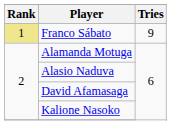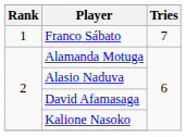 <table class="wikitable sortable">
 <tr>
 </tr>
 <tr>
 <th>Rank</th>
 <th>Player</th>
 <th>Tries</th>
 </tr>
 <tr>
-<td align=center style="background: khaki;">1</td>
+<td align=center>1</td>
 <td> <a href='#'>Franco Sábato</a></td>
-<td align=center>9</td>
+<td align=center>7</td>
 </tr>
 <tr>
 <td align=center rowspan=4>2</td>
 <td> <a href='#'>Alamanda Motuga</a></td>
 <td align=center rowspan=5>6</td>
 </tr>
 <tr>
 <td> <a href='#'>Alasio Naduva</a></td>
 </tr>
 <tr>
 <td> <a href='#'>David Afamasaga</a></td>
 </tr>
 <tr>
 <td> <a href='#'>Kalione Nasoko</a></td>
 </tr>
 <tr>
 </tr>
 </table>
